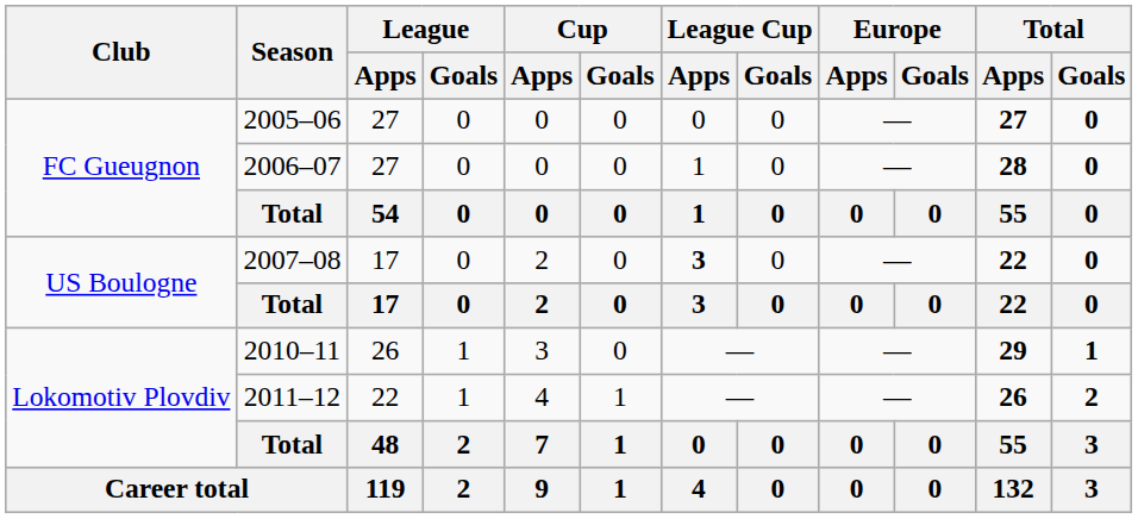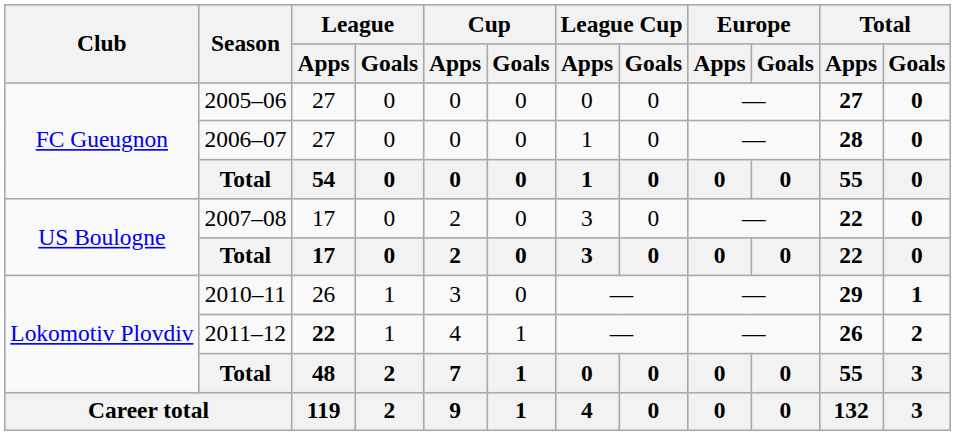 <table class="wikitable" style="font-size:90%; text-align: center">
 <tr>
 <th rowspan=2>Club</th>
 <th rowspan=2>Season</th>
 <th colspan=2>League</th>
 <th colspan=2>Cup</th>
 <th colspan=2>League Cup</th>
 <th colspan=2>Europe</th>
 <th colspan=2>Total</th>
 </tr>
 <tr>
 <th>Apps</th>
 <th>Goals</th>
 <th>Apps</th>
 <th>Goals</th>
 <th>Apps</th>
 <th>Goals</th>
 <th>Apps</th>
 <th>Goals</th>
 <th>Apps</th>
 <th>Goals</th>
 </tr>
 <tr>
 <td rowspan=3><a href='#'>FC Gueugnon</a></td>
 <td>2005–06</td>
 <td>27</td>
 <td>0</td>
 <td>0</td>
 <td>0</td>
 <td>0</td>
 <td>0</td>
 <td colspan="2">—</td>
 <td><strong>27</strong></td>
 <td><strong>0</strong></td>
 </tr>
 <tr>
 <td>2006–07</td>
 <td>27</td>
 <td>0</td>
 <td>0</td>
 <td>0</td>
 <td>1</td>
 <td>0</td>
 <td colspan="2">—</td>
 <td><strong>28</strong></td>
 <td><strong>0</strong></td>
 </tr>
 <tr>
 <th colspan=1>Total</th>
 <th>54</th>
 <th>0</th>
 <th>0</th>
 <th>0</th>
 <th>1</th>
 <th>0</th>
 <th>0</th>
 <th>0</th>
 <th>55</th>
 <th>0</th>
 </tr>
 <tr>
 <td rowspan=2><a href='#'>US Boulogne</a></td>
 <td>2007–08</td>
 <td>17</td>
 <td>0</td>
 <td>2</td>
 <td>0</td>
-<td><strong>3</strong></td>
+<td>3</td>
 <td>0</td>
 <td colspan="2">—</td>
 <td><strong>22</strong></td>
 <td><strong>0</strong></td>
 </tr>
 <tr>
 <th colspan=1>Total</th>
 <th>17</th>
 <th>0</th>
 <th>2</th>
 <th>0</th>
 <th>3</th>
 <th>0</th>
 <th>0</th>
 <th>0</th>
 <th>22</th>
 <th>0</th>
 </tr>
 <tr>
 <td rowspan=3><a href='#'>Lokomotiv Plovdiv</a></td>
 <td>2010–11</td>
 <td>26</td>
 <td>1</td>
 <td>3</td>
 <td>0</td>
 <td colspan="2">—</td>
 <td colspan="2">—</td>
 <td><strong>29</strong></td>
 <td><strong>1</strong></td>
 </tr>
 <tr>
 <td>2011–12</td>
-<td>22</td>
+<td><strong>22</strong></td>
 <td>1</td>
 <td>4</td>
 <td>1</td>
 <td colspan="2">—</td>
 <td colspan="2">—</td>
 <td><strong>26</strong></td>
 <td><strong>2</strong></td>
 </tr>
 <tr>
 <th colspan=1>Total</th>
 <th>48</th>
 <th>2</th>
 <th>7</th>
 <th>1</th>
 <th>0</th>
 <th>0</th>
 <th>0</th>
 <th>0</th>
 <th>55</th>
 <th>3</th>
 </tr>
 <tr>
 <th colspan=2>Career total</th>
 <th>119</th>
 <th>2</th>
 <th>9</th>
 <th>1</th>
 <th>4</th>
 <th>0</th>
 <th>0</th>
 <th>0</th>
 <th>132</th>
 <th>3</th>
 </tr>
 </table>
